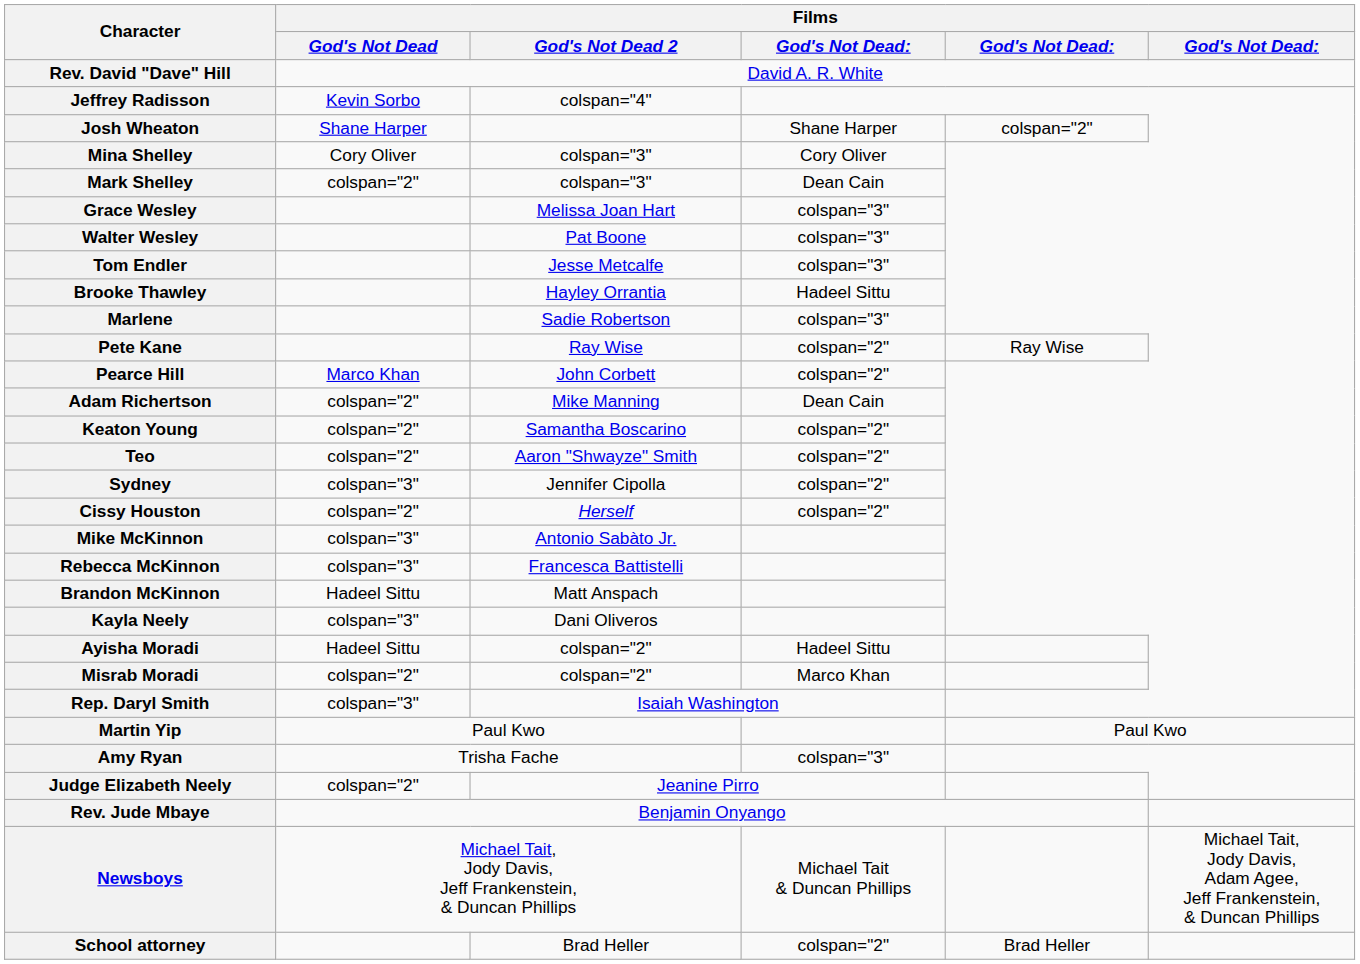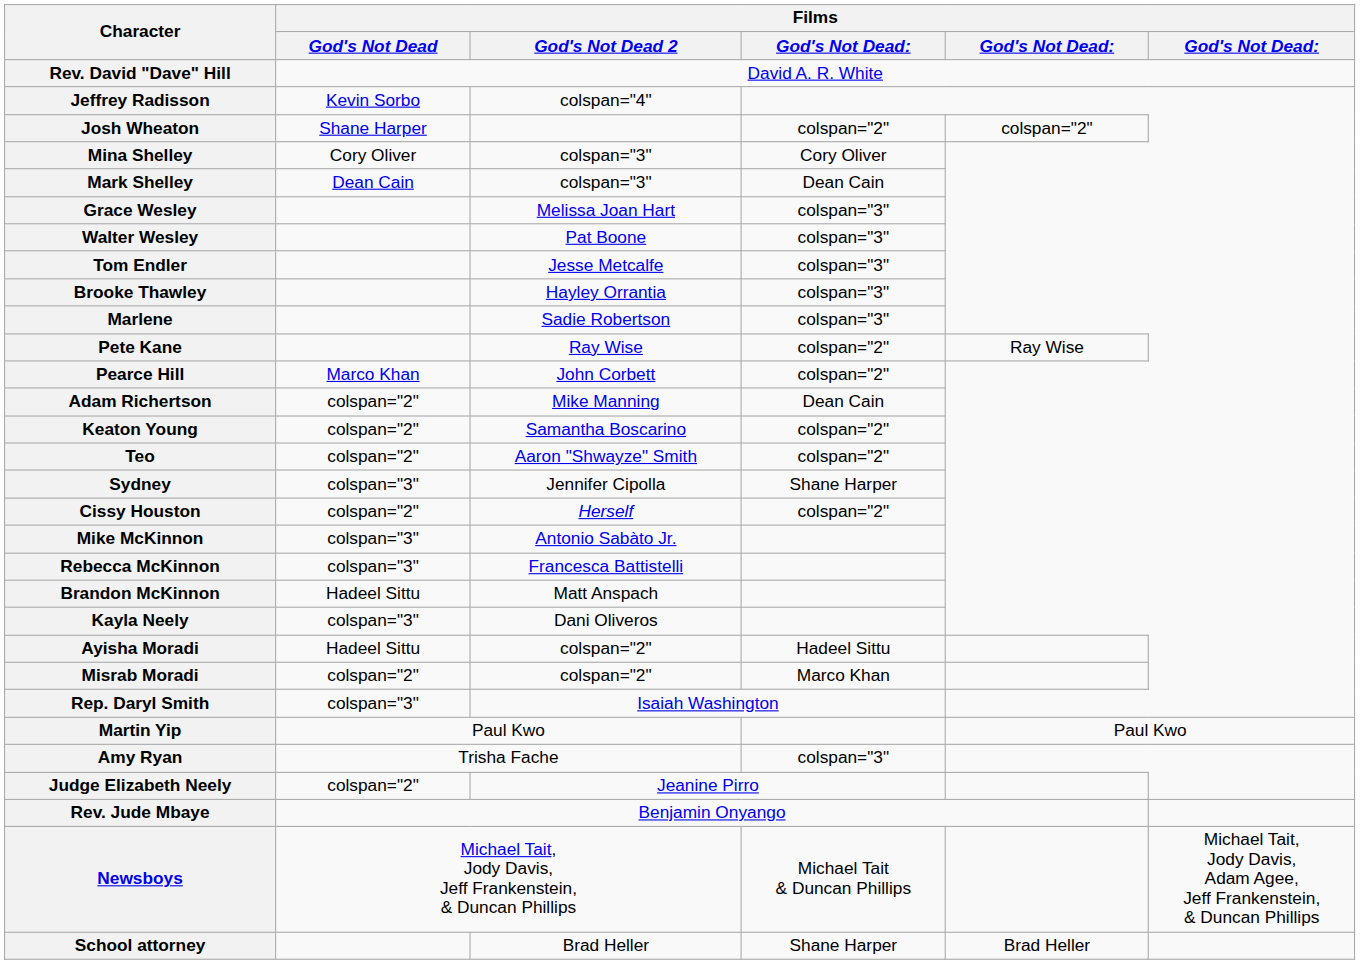 <table class="wikitable" style="text-align:center; width:99%;">
 <tr>
 <th rowspan="2">Character</th>
 <th colspan="5" style="text-align:center;">Films</th>
 </tr>
 <tr>
 <th style="text-align:center;"><em><a href='#'>God's Not Dead</a></em></th>
 <th style="text-align:center;"><em><a href='#'>God's Not Dead 2</a></em></th>
 <th style="text-align:center;"><em><a href='#'>God's Not Dead: <br></a></em></th>
 <th style="text-align:center;"><em><a href='#'>God's Not Dead: <br></a></em></th>
 <th style="text-align:center;"><em><a href='#'>God's Not Dead: <br></a></em></th>
 </tr>
 <tr>
 <th>Rev. David "Dave" Hill</th>
 <td colspan="5"><a href='#'>David A. R. White</a></td>
 </tr>
 <tr>
 <th>Jeffrey Radisson</th>
 <td><a href='#'>Kevin Sorbo</a></td>
 <td>colspan="4" </td>
 </tr>
 <tr>
 <th>Josh Wheaton</th>
 <td><a href='#'>Shane Harper</a></td>
 <td></td>
-<td>Shane Harper</td>
+<td>colspan="2" </td>
 <td>colspan="2" </td>
 </tr>
 <tr>
 <th>Mina Shelley</th>
 <td>Cory Oliver</td>
 <td>colspan="3" </td>
 <td>Cory Oliver</td>
 </tr>
 <tr>
 <th>Mark Shelley</th>
-<td>colspan="2" </td>
+<td><a href='#'>Dean Cain</a></td>
 <td>colspan="3" </td>
 <td>Dean Cain</td>
 </tr>
 <tr>
 <th>Grace Wesley</th>
 <td></td>
 <td><a href='#'>Melissa Joan Hart</a></td>
 <td>colspan="3" </td>
 </tr>
 <tr>
 <th>Walter Wesley</th>
 <td></td>
 <td><a href='#'>Pat Boone</a></td>
 <td>colspan="3" </td>
 </tr>
 <tr>
 <th>Tom Endler</th>
 <td></td>
 <td><a href='#'>Jesse Metcalfe</a></td>
 <td>colspan="3" </td>
 </tr>
 <tr>
 <th>Brooke Thawley</th>
 <td></td>
 <td><a href='#'>Hayley Orrantia</a></td>
-<td>Hadeel Sittu</td>
+<td>colspan="3" </td>
 </tr>
 <tr>
 <th>Marlene</th>
 <td></td>
 <td><a href='#'>Sadie Robertson</a></td>
 <td>colspan="3" </td>
 </tr>
 <tr>
 <th>Pete Kane</th>
 <td></td>
 <td><a href='#'>Ray Wise</a></td>
 <td>colspan="2" </td>
 <td>Ray Wise</td>
 </tr>
 <tr>
 <th>Pearce Hill</th>
 <td><a href='#'>Marco Khan</a></td>
 <td><a href='#'>John Corbett</a></td>
 <td>colspan="2" </td>
 </tr>
 <tr>
 <th>Adam Richertson</th>
 <td>colspan="2" </td>
 <td><a href='#'>Mike Manning</a></td>
 <td>Dean Cain</td>
 </tr>
 <tr>
 <th>Keaton Young</th>
 <td>colspan="2" </td>
 <td><a href='#'>Samantha Boscarino</a></td>
 <td>colspan="2" </td>
 </tr>
 <tr>
 <th>Teo</th>
 <td>colspan="2" </td>
 <td><a href='#'>Aaron "Shwayze" Smith</a></td>
 <td>colspan="2" </td>
 </tr>
 <tr>
 <th>Sydney</th>
 <td>colspan="3" </td>
 <td>Jennifer Cipolla</td>
-<td>colspan="2" </td>
+<td>Shane Harper</td>
 </tr>
 <tr>
 <th>Cissy Houston</th>
 <td>colspan="2" </td>
 <td><a href='#'><em>Herself</em></a></td>
 <td>colspan="2" </td>
 </tr>
 <tr>
 <th>Mike McKinnon</th>
 <td>colspan="3" </td>
 <td><a href='#'>Antonio Sabàto Jr.</a></td>
 <td></td>
 </tr>
 <tr>
 <th>Rebecca McKinnon</th>
 <td>colspan="3" </td>
 <td><a href='#'>Francesca Battistelli</a></td>
 <td></td>
 </tr>
 <tr>
 <th>Brandon McKinnon</th>
 <td>Hadeel Sittu</td>
 <td>Matt Anspach</td>
 <td></td>
 </tr>
 <tr>
 <th>Kayla Neely</th>
 <td>colspan="3" </td>
 <td>Dani Oliveros</td>
 <td></td>
 </tr>
 <tr>
 <th>Ayisha Moradi</th>
 <td>Hadeel Sittu</td>
 <td>colspan="2" </td>
 <td>Hadeel Sittu</td>
 <td></td>
 </tr>
 <tr>
 <th>Misrab Moradi</th>
 <td>colspan="2" </td>
 <td>colspan="2" </td>
 <td>Marco Khan</td>
 <td></td>
 </tr>
 <tr>
 <th>Rep. Daryl Smith</th>
 <td>colspan="3" </td>
 <td colspan="2"><a href='#'>Isaiah Washington</a></td>
 </tr>
 <tr>
 <th>Martin Yip</th>
 <td colspan="2">Paul Kwo</td>
 <td></td>
 <td colspan="2">Paul Kwo</td>
 </tr>
 <tr>
 <th>Amy Ryan</th>
 <td colspan="2">Trisha Fache</td>
 <td>colspan="3" </td>
 </tr>
 <tr>
 <th>Judge Elizabeth Neely</th>
 <td>colspan="2" </td>
 <td colspan="2"><a href='#'>Jeanine Pirro</a></td>
 <td></td>
 </tr>
 <tr>
 <th>Rev. Jude Mbaye</th>
 <td colspan="4"><a href='#'>Benjamin Onyango</a></td>
 <td></td>
 </tr>
 <tr>
 <th><a href='#'>Newsboys</a></th>
 <td colspan="2"><a href='#'>Michael Tait</a>, <br>Jody Davis, <br>Jeff Frankenstein, <br>& Duncan Phillips</td>
 <td>Michael Tait <br> & Duncan Phillips</td>
 <td></td>
 <td>Michael Tait, <br>Jody Davis, <br>Adam Agee, <br>Jeff Frankenstein, <br>& Duncan Phillips</td>
 </tr>
 <tr>
 <th>School attorney</th>
 <td></td>
 <td>Brad Heller</td>
-<td>colspan="2" </td>
+<td>Shane Harper</td>
 <td>Brad Heller</td>
 </tr>
 </table>
